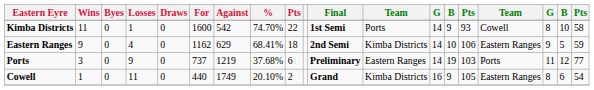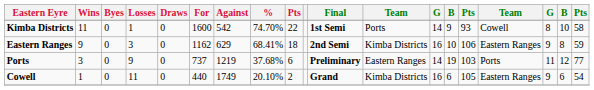 <table style="font-size: 85%; text-align: left;" class="wikitable">
 <tr>
 <th style="color:crimson">Eastern Eyre</th>
 <th style="color:crimson">Wins</th>
 <th style="color:crimson">Byes</th>
 <th style="color:crimson">Losses</th>
 <th style="color:crimson">Draws</th>
 <th style="color:crimson">For</th>
 <th style="color:crimson">Against</th>
 <th style="color:crimson">%</th>
 <th style="color:crimson">Pts</th>
 <th></th>
 <th style="color:green">Final</th>
 <th style="color:green">Team</th>
 <th style="color:green">G</th>
 <th style="color:green">B</th>
 <th style="color:green">Pts</th>
 <th style="color:green">Team</th>
 <th style="color:green">G</th>
 <th style="color:green">B</th>
 <th style="color:green">Pts</th>
 </tr>
 <tr>
 </tr>
 <tr>
 </tr>
 <tr>
 <td><strong>	Kimba Districts	</strong></td>
 <td>11</td>
 <td>0</td>
 <td>1</td>
 <td>0</td>
 <td>1600</td>
 <td>542</td>
 <td>74.70%</td>
 <td>22</td>
 <td></td>
 <td><strong>1st Semi</strong></td>
 <td>Ports</td>
 <td>14</td>
 <td>9</td>
 <td>93</td>
 <td>Cowell</td>
 <td>8</td>
 <td>10</td>
 <td>58</td>
 </tr>
 <tr>
 <td><strong>	Eastern Ranges	</strong></td>
 <td>9</td>
 <td>0</td>
-<td>4</td>
+<td>3</td>
 <td>0</td>
 <td>1162</td>
 <td>629</td>
 <td>68.41%</td>
 <td>18</td>
 <td></td>
 <td><strong>2nd Semi</strong></td>
 <td>Kimba Districts</td>
-<td>14</td>
+<td>16</td>
 <td>10</td>
 <td>106</td>
 <td>Eastern Ranges</td>
 <td>9</td>
-<td>5</td>
+<td>8</td>
 <td>59</td>
 </tr>
 <tr ||>
 <td><strong>	Ports	</strong></td>
 <td>3</td>
 <td>0</td>
 <td>9</td>
 <td>0</td>
 <td>737</td>
 <td>1219</td>
 <td>37.68%</td>
 <td>6</td>
 <td></td>
 <td><strong>Preliminary</strong></td>
 <td>Eastern Ranges</td>
 <td>14</td>
 <td>19</td>
 <td>103</td>
 <td>Ports</td>
 <td>11</td>
 <td>12</td>
 <td>77</td>
 </tr>
 <tr>
 <td><strong>	Cowell	</strong></td>
 <td>1</td>
 <td>0</td>
 <td>11</td>
 <td>0</td>
 <td>440</td>
 <td>1749</td>
 <td>20.10%</td>
 <td>2</td>
 <td></td>
 <td><strong>Grand</strong></td>
 <td>Kimba Districts</td>
 <td>16</td>
-<td>9</td>
+<td>6</td>
 <td>105</td>
 <td>Eastern Ranges</td>
-<td>8</td>
+<td>9</td>
 <td>6</td>
 <td>54</td>
 </tr>
 <tr>
 </tr>
 </table>
